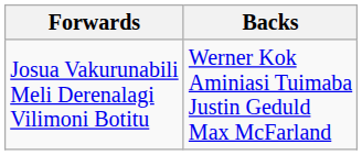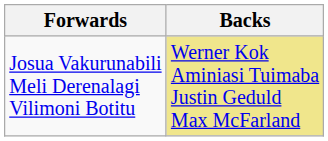 <table class=wikitable style="text-align: left;">
 <tr>
 <th align=center>Forwards</th>
 <th align=center>Backs</th>
 </tr>
 <tr>
 <td> <a href='#'>Josua Vakurunabili</a> <br>  <a href='#'>Meli Derenalagi</a> <br>  <a href='#'>Vilimoni Botitu</a></td>
-<td> <a href='#'>Werner Kok</a> <br>  <a href='#'>Aminiasi Tuimaba</a> <br>  <a href='#'>Justin Geduld</a> <br>  <a href='#'>Max McFarland</a></td>
+<td style="background: khaki;"> <a href='#'>Werner Kok</a> <br>  <a href='#'>Aminiasi Tuimaba</a> <br>  <a href='#'>Justin Geduld</a> <br>  <a href='#'>Max McFarland</a></td>
 </tr>
 </table>
